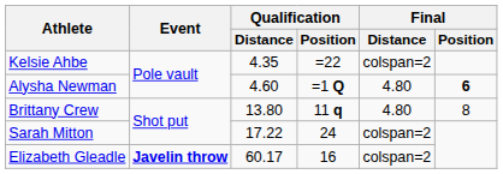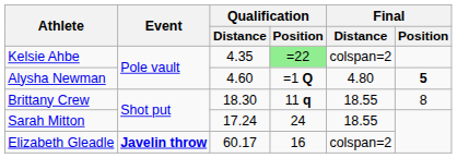 <table class=wikitable style="font-size:90%">
 <tr>
 <th rowspan="2">Athlete</th>
 <th rowspan="2">Event</th>
 <th colspan="2">Qualification</th>
 <th colspan="2">Final</th>
 </tr>
 <tr style="font-size:95%">
 <th>Distance</th>
 <th>Position</th>
 <th>Distance</th>
 <th>Position</th>
 </tr>
 <tr align=center>
 <td align=left><a href='#'>Kelsie Ahbe</a></td>
 <td align=left rowspan=2><a href='#'>Pole vault</a></td>
 <td>4.35</td>
-<td>=22</td>
+<td style="background: lightgreen;">=22</td>
 <td>colspan=2 </td>
 </tr>
 <tr align=center>
 <td align=left><a href='#'>Alysha Newman</a></td>
 <td>4.60</td>
 <td>=1 <strong>Q</strong></td>
 <td>4.80</td>
-<td><strong>6</strong></td>
+<td><strong>5</strong></td>
 </tr>
 <tr align=center>
 <td align=left><a href='#'>Brittany Crew</a></td>
 <td align=left rowspan=2><a href='#'>Shot put</a></td>
-<td>13.80</td>
+<td>18.30</td>
 <td>11 <strong>q</strong></td>
-<td>4.80</td>
+<td>18.55</td>
 <td colspan=4>8</td>
 </tr>
 <tr align=center>
 <td align=left><a href='#'>Sarah Mitton</a></td>
-<td>17.22</td>
+<td>17.24</td>
 <td>24</td>
-<td>colspan=2 </td>
+<td>18.55</td>
 </tr>
 <tr align=center>
 <td align=left><a href='#'>Elizabeth Gleadle</a></td>
 <td align=left><strong><a href='#'>Javelin throw</a></strong></td>
 <td>60.17</td>
 <td>16</td>
 <td>colspan=2 </td>
 </tr>
 </table>
